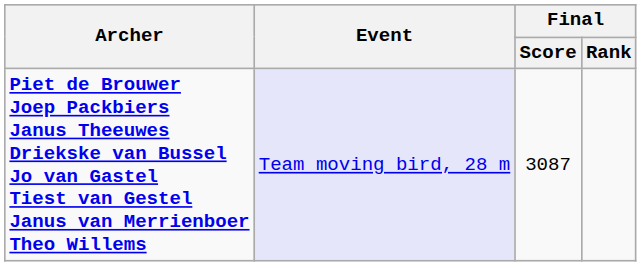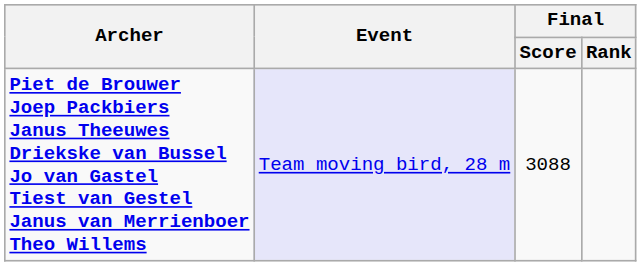 <table class=wikitable style="font-size:90%">
 <tr>
 <th rowspan=2>Archer</th>
 <th rowspan=2>Event</th>
 <th colspan=2>Final</th>
 </tr>
 <tr>
 <th>Score</th>
 <th>Rank</th>
 </tr>
 <tr>
 <td><strong><a href='#'>Piet de Brouwer</a> <br> <a href='#'>Joep Packbiers</a> <br> <a href='#'>Janus Theeuwes</a> <br> <a href='#'>Driekske van Bussel</a> <br> <a href='#'>Jo van Gastel</a> <br> <a href='#'>Tiest van Gestel</a> <br> <a href='#'>Janus van Merrienboer</a> <br> <a href='#'>Theo Willems</a></strong></td>
 <td style="background: lavender;"><a href='#'>Team moving bird, 28 m</a></td>
-<td align=center>3087</td>
+<td align=center>3088</td>
 <td align=center></td>
 </tr>
 </table>
